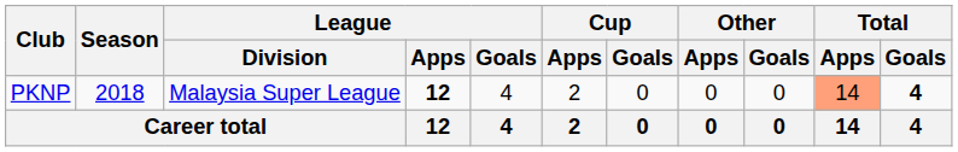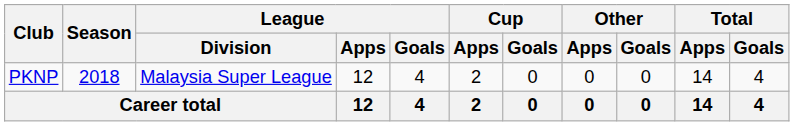 <table class="wikitable" style="text-align: center">
 <tr>
 <th rowspan="2">Club</th>
 <th rowspan="2">Season</th>
 <th colspan="3">League</th>
 <th colspan="2">Cup</th>
 <th colspan="2">Other</th>
 <th colspan="2">Total</th>
 </tr>
 <tr>
 <th>Division</th>
 <th>Apps</th>
 <th>Goals</th>
 <th>Apps</th>
 <th>Goals</th>
 <th>Apps</th>
 <th>Goals</th>
 <th>Apps</th>
 <th>Goals</th>
 </tr>
 <tr>
 <td><a href='#'>PKNP</a></td>
 <td><a href='#'>2018</a></td>
 <td><a href='#'>Malaysia Super League</a></td>
-<td><strong>12</strong></td>
+<td>12</td>
 <td>4</td>
 <td>2</td>
 <td>0</td>
 <td>0</td>
 <td>0</td>
-<td style="background: lightsalmon;">14</td>
-<td><strong>4</strong></td>
+<td>14</td>
+<td>4</td>
 </tr>
 <tr>
 <th colspan=3>Career total</th>
 <th>12</th>
 <th>4</th>
 <th>2</th>
 <th>0</th>
 <th>0</th>
 <th>0</th>
 <th>14</th>
 <th>4</th>
 </tr>
 </table>
